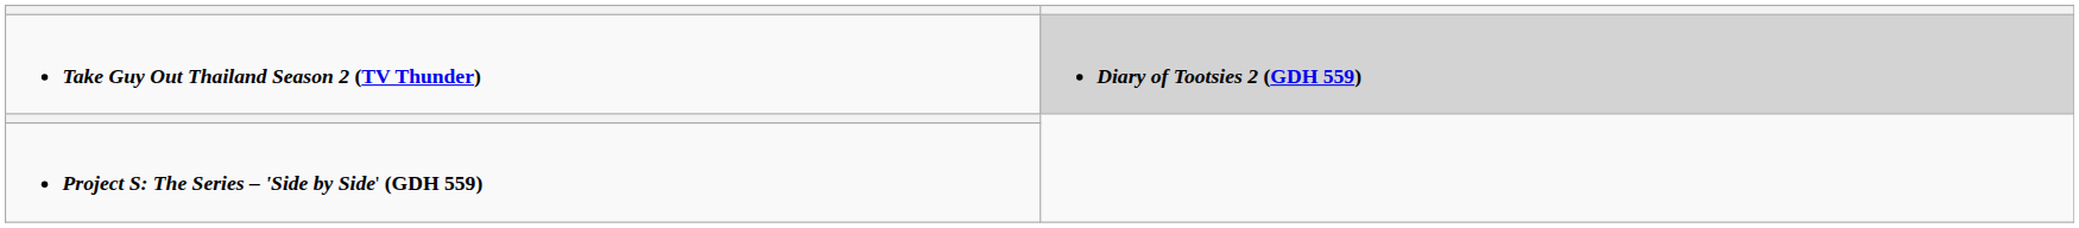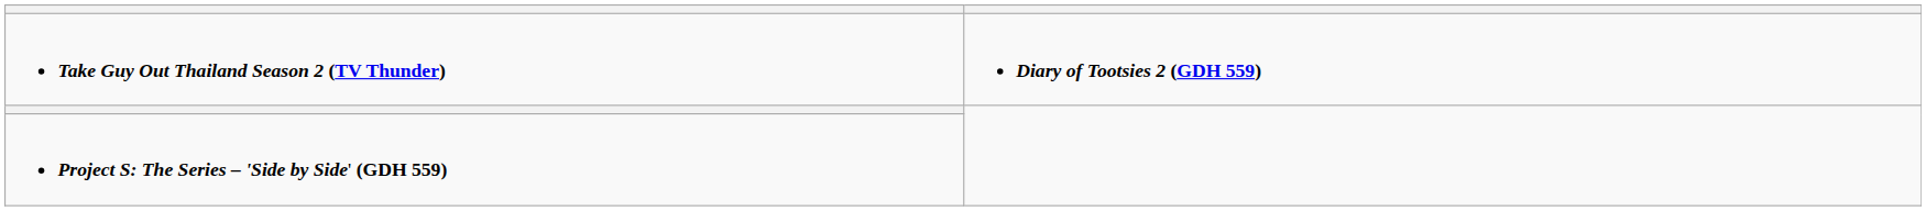 <table class=wikitable width="100%">
 <tr>
 <th></th>
 <th></th>
 </tr>
 <tr>
 <td valign="top" width="50%"><br><ul><li><strong><em>Take Guy Out Thailand Season 2</em></strong> <strong>(<a href='#'>TV Thunder</a>)</strong></li></ul></td>
-<td valign="top" width="50%" style="background: lightgrey;"><br><ul><li><strong><em>Diary of Tootsies 2</em></strong> <strong>(<a href='#'>GDH 559</a>)</strong></li></ul></td>
+<td valign="top" width="50%"><br><ul><li><strong><em>Diary of Tootsies 2</em></strong> <strong>(<a href='#'>GDH 559</a>)</strong></li></ul></td>
 </tr>
 <tr>
 <th></th>
 </tr>
 <tr>
 <td valign="top" width="50%"><br><ul><li><strong><em>Project S: The Series – 'Side by Side</em></strong>' <strong>(GDH 559)</strong></li></ul></td>
 </tr>
 </table>
